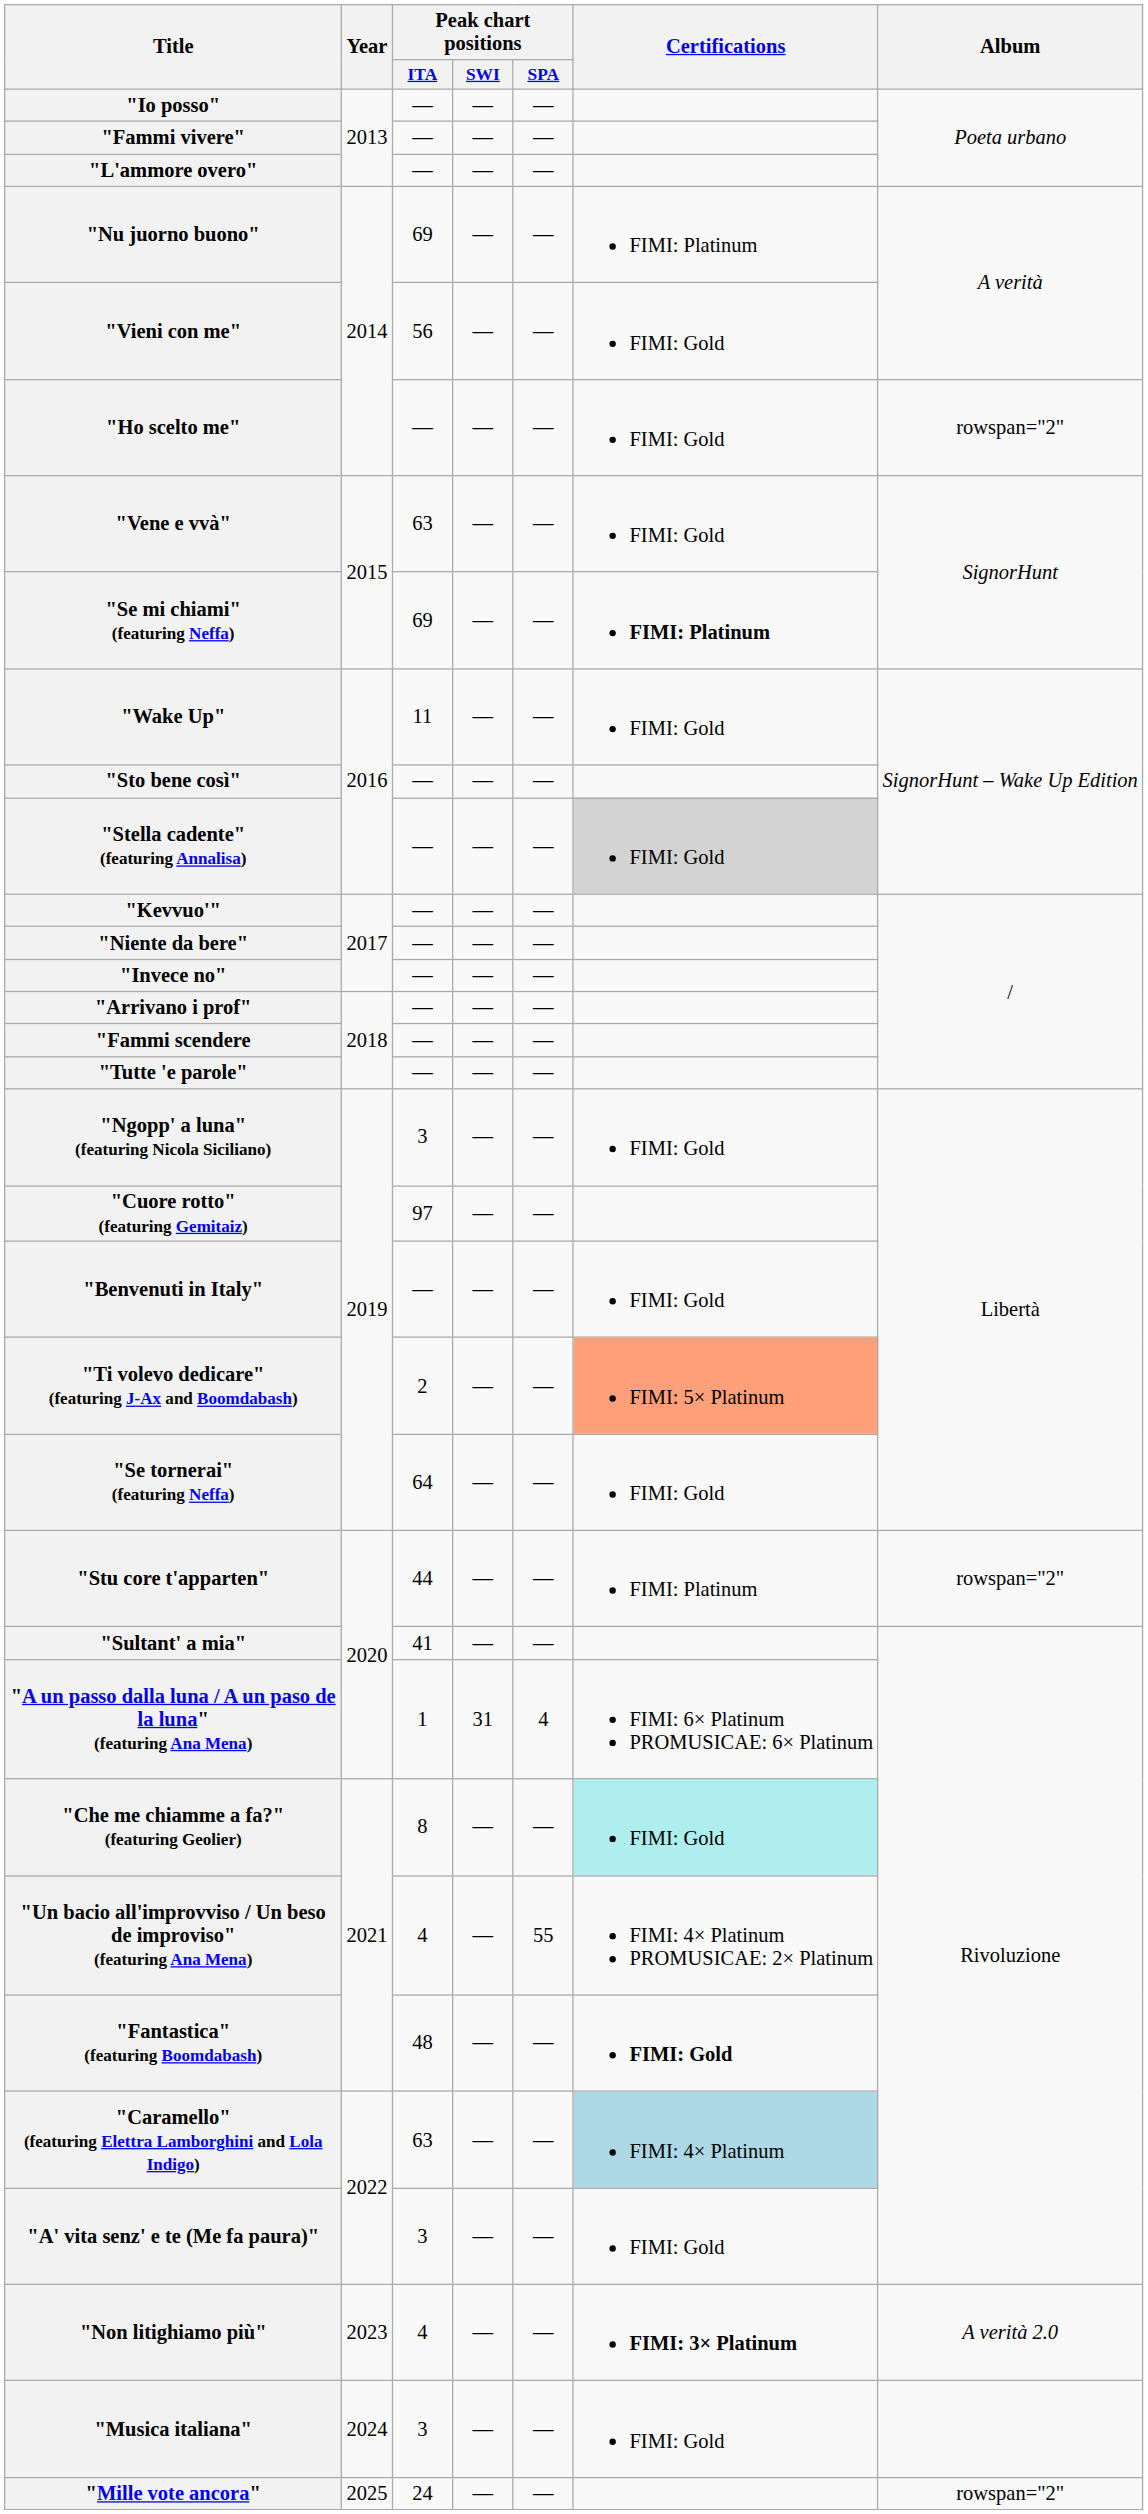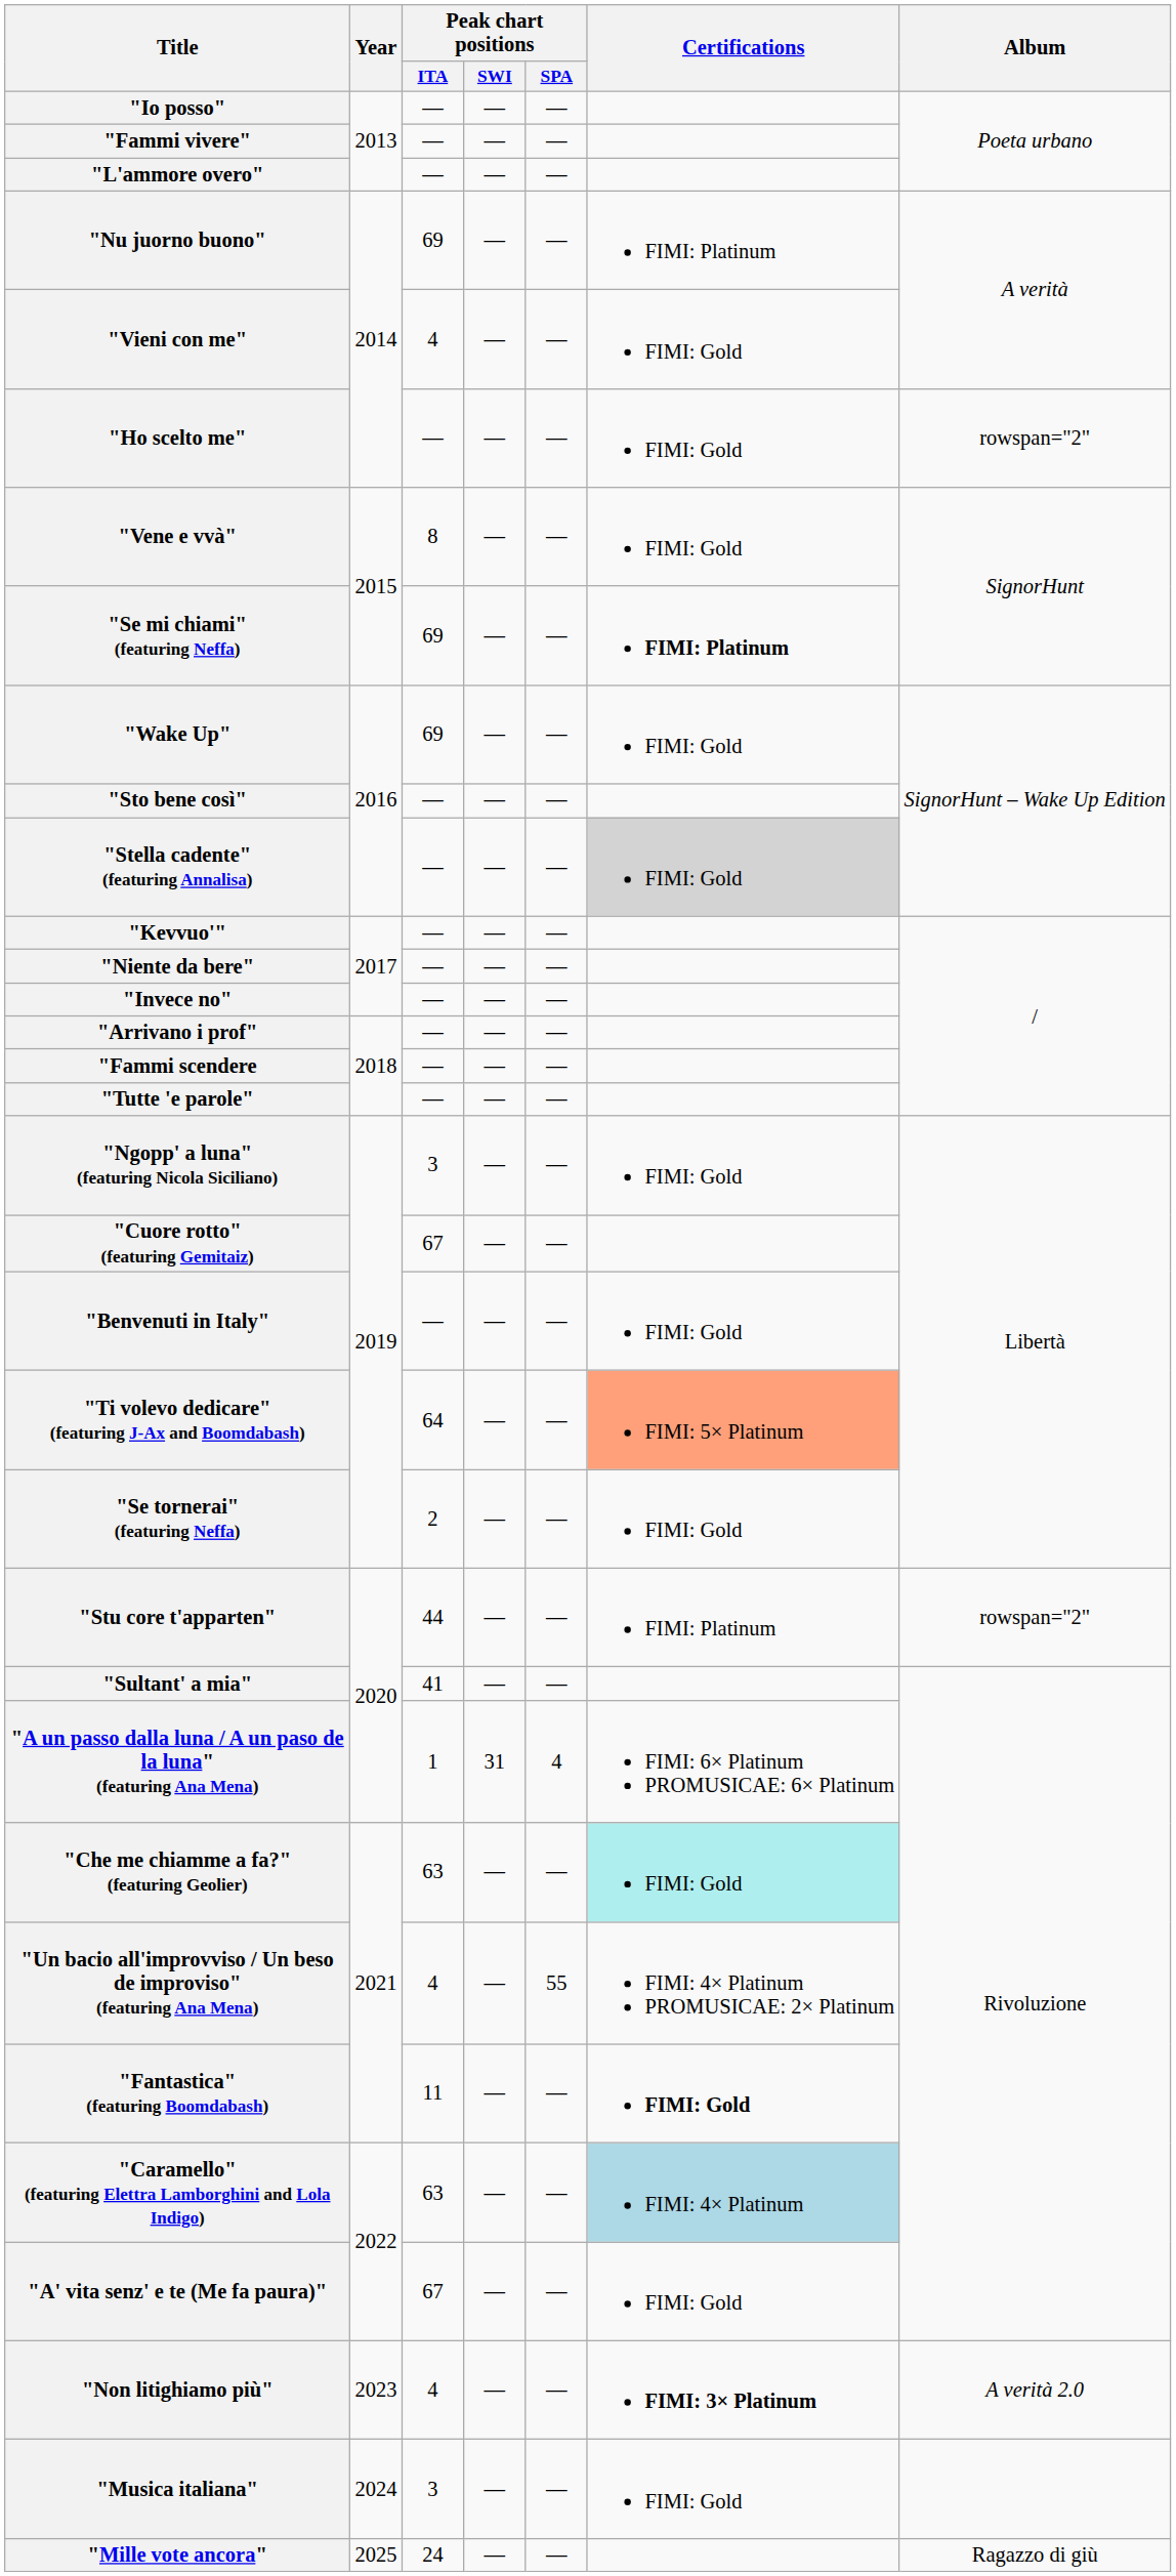 <table class="wikitable plainrowheaders" style="text-align:center;">
 <tr>
 <th scope="col" rowspan="2" style="width:16em;">Title</th>
 <th scope="col" rowspan="2" style="width:1em;">Year</th>
 <th scope="col" colspan="3">Peak chart positions</th>
 <th scope="col" rowspan="2"><a href='#'>Certifications</a></th>
 <th scope="col" rowspan="2">Album</th>
 </tr>
 <tr>
 <th scope="col" style="width:3em;font-size:85%;"><a href='#'>ITA</a><br></th>
 <th scope="col" style="width:3em;font-size:85%;"><a href='#'>SWI</a><br></th>
 <th scope="col" style="width:3em;font-size:85%;"><a href='#'>SPA</a><br></th>
 </tr>
 <tr>
 <th scope="row">"Io posso"</th>
 <td rowspan="3">2013</td>
 <td>—</td>
 <td>—</td>
 <td>—</td>
 <td align="left"></td>
 <td rowspan="3"><em>Poeta urbano</em></td>
 </tr>
 <tr>
 <th scope="row">"Fammi vivere"</th>
 <td>—</td>
 <td>—</td>
 <td>—</td>
 <td align="left"></td>
 </tr>
 <tr>
 <th scope="row">"L'ammore overo"</th>
 <td>—</td>
 <td>—</td>
 <td>—</td>
 <td align="left"></td>
 </tr>
 <tr>
 <th scope="row">"Nu juorno buono"</th>
 <td rowspan="3">2014</td>
 <td>69</td>
 <td>—</td>
 <td>—</td>
 <td align="left"><br><ul><li>FIMI: Platinum</li></ul></td>
 <td rowspan="2"><em>A verità</em></td>
 </tr>
 <tr>
 <th scope="row">"Vieni con me"</th>
-<td>56</td>
+<td>4</td>
 <td>—</td>
 <td>—</td>
 <td align="left"><br><ul><li>FIMI: Gold</li></ul></td>
 </tr>
 <tr>
 <th scope="row">"Ho scelto me"</th>
 <td>—</td>
 <td>—</td>
 <td>—</td>
 <td align="left"><br><ul><li>FIMI: Gold</li></ul></td>
 <td>rowspan="2" </td>
 </tr>
 <tr>
 <th scope="row">"Vene e vvà"</th>
 <td rowspan="2">2015</td>
-<td>63</td>
+<td>8</td>
 <td>—</td>
 <td>—</td>
 <td align="left"><br><ul><li>FIMI: Gold</li></ul></td>
 <td rowspan="2"><em>SignorHunt</em></td>
 </tr>
 <tr>
 <th scope="row">"Se mi chiami" <br><small>(featuring <a href='#'>Neffa</a>)</small></th>
 <td>69</td>
 <td>—</td>
 <td>—</td>
 <td align="left"><strong><br><ul><li>FIMI: Platinum</li></ul></strong></td>
 </tr>
 <tr>
 <th scope="row">"Wake Up"</th>
 <td rowspan="3">2016</td>
-<td>11</td>
+<td>69</td>
 <td>—</td>
 <td>—</td>
 <td align="left"><br><ul><li>FIMI: Gold</li></ul></td>
 <td rowspan="3"><em>SignorHunt – Wake Up Edition</em></td>
 </tr>
 <tr>
 <th scope="row">"Sto bene così"</th>
 <td>—</td>
 <td>—</td>
 <td>—</td>
 <td align="left"></td>
 </tr>
 <tr>
 <th scope="row">"Stella cadente"<br><small>(featuring <a href='#'>Annalisa</a>)</small></th>
 <td>—</td>
 <td>—</td>
 <td>—</td>
 <td align="left" style="background: lightgrey;"><br><ul><li>FIMI: Gold</li></ul></td>
 </tr>
 <tr>
 <th scope="row">"Kevvuo'"</th>
 <td rowspan="3">2017</td>
 <td>—</td>
 <td>—</td>
 <td>—</td>
 <td align="left"></td>
 <td rowspan="6">/</td>
 </tr>
 <tr>
 <th scope="row">"Niente da bere"</th>
 <td>—</td>
 <td>—</td>
 <td>—</td>
 <td align="left"></td>
 </tr>
 <tr>
 <th scope="row">"Invece no"</th>
 <td>—</td>
 <td>—</td>
 <td>—</td>
 <td align="left"></td>
 </tr>
 <tr>
 <th scope="row">"Arrivano i prof"</th>
 <td rowspan="3">2018</td>
 <td>—</td>
 <td>—</td>
 <td>—</td>
 <td align="left"></td>
 </tr>
 <tr>
 <th scope="row">"Fammi scendere<em></th>
 <td>—</td>
 <td>—</td>
 <td>—</td>
 <td align="left"></td>
 </tr>
 <tr>
 <th scope="row">"Tutte 'e parole"</th>
 <td>—</td>
 <td>—</td>
 <td>—</td>
 <td align="left"></td>
 </tr>
 <tr>
 <th scope="row">"Ngopp' a luna"<br><small>(featuring Nicola Siciliano)</small></th>
 <td rowspan="5">2019</td>
 <td>3</td>
 <td>—</td>
 <td>—</td>
 <td align="left"><br><ul><li>FIMI: Gold</li></ul></td>
 <td rowspan="5"></em>Libertà<em></td>
 </tr>
 <tr>
 <th scope="row">"Cuore rotto"<br><small>(featuring <a href='#'>Gemitaiz</a>)</small></th>
-<td>97</td>
+<td>67</td>
 <td>—</td>
 <td>—</td>
 <td align="left"></td>
 </tr>
 <tr>
 <th scope="row">"Benvenuti in Italy"</th>
 <td>—</td>
 <td>—</td>
 <td>—</td>
 <td align="left"><br><ul><li>FIMI: Gold</li></ul></td>
 </tr>
 <tr>
 <th scope="row">"Ti volevo dedicare"<br><small>(featuring <a href='#'>J-Ax</a> and <a href='#'>Boomdabash</a>)</small></th>
-<td>2</td>
+<td>64</td>
 <td>—</td>
 <td>—</td>
 <td align="left" style="background: lightsalmon;"><br><ul><li>FIMI: 5× Platinum</li></ul></td>
 </tr>
 <tr>
 <th scope="row">"Se tornerai"<br><small>(featuring <a href='#'>Neffa</a>)</small></th>
-<td>64</td>
+<td>2</td>
 <td>—</td>
 <td>—</td>
 <td align="left"><br><ul><li>FIMI: Gold</li></ul></td>
 </tr>
 <tr>
 <th scope="row">"Stu core t'apparten"</th>
 <td rowspan="3">2020</td>
 <td>44</td>
 <td>—</td>
 <td>—</td>
 <td align="left"><br><ul><li>FIMI: Platinum</li></ul></td>
 <td>rowspan="2" </td>
 </tr>
 <tr>
 <th scope="row">"Sultant' a mia"</th>
 <td>41</td>
 <td>—</td>
 <td>—</td>
 <td align="left"></td>
 <td rowspan="7"></em>Rivoluzione<em></td>
 </tr>
 <tr>
 <th scope="row">"<a href='#'>A un passo dalla luna / A un paso de la luna</a>"<br><small>(featuring <a href='#'>Ana Mena</a>)</small></th>
 <td>1</td>
 <td>31</td>
 <td>4</td>
 <td align="left"><br><ul><li>FIMI: 6× Platinum</li><li>PROMUSICAE: 6× Platinum</li></ul></td>
 </tr>
 <tr>
 <th scope="row">"Che me chiamme a fa?"<br><small>(featuring Geolier)</small></th>
 <td rowspan="3">2021</td>
-<td>8</td>
+<td>63</td>
 <td>—</td>
 <td>—</td>
 <td align="left" style="background: paleturquoise;"><br><ul><li>FIMI: Gold</li></ul></td>
 </tr>
 <tr>
 <th scope="row">"Un bacio all'improvviso / Un beso de improviso"<br><small>(featuring <a href='#'>Ana Mena</a>)</small></th>
 <td>4</td>
 <td>—</td>
 <td>55</td>
 <td align="left"><br><ul><li>FIMI: 4× Platinum</li><li>PROMUSICAE: 2× Platinum</li></ul></td>
 </tr>
 <tr>
 <th scope="row">"Fantastica" <br><small>(featuring <a href='#'>Boomdabash</a>)</small></th>
-<td>48</td>
+<td>11</td>
 <td>—</td>
 <td>—</td>
 <td align="left"><strong><br><ul><li>FIMI: Gold</li></ul></strong></td>
 </tr>
 <tr>
 <th scope="row">"Caramello" <br><small>(featuring <a href='#'>Elettra Lamborghini</a> and <a href='#'>Lola Indigo</a>)</small></th>
 <td rowspan="2">2022</td>
 <td>63</td>
 <td>—</td>
 <td>—</td>
 <td align="left" style="background: lightblue;"><br><ul><li>FIMI: 4× Platinum</li></ul></td>
 </tr>
 <tr>
 <th scope="row">"A' vita senz' e te (Me fa paura)"</th>
-<td>3</td>
+<td>67</td>
 <td>—</td>
 <td>—</td>
 <td align="left"><br><ul><li>FIMI: Gold</li></ul></td>
 </tr>
 <tr>
 <th scope="row">"Non litighiamo più"</th>
 <td>2023</td>
 <td>4</td>
 <td>—</td>
 <td>—</td>
 <td align="left"><strong><br><ul><li>FIMI: 3× Platinum</li></ul></strong></td>
 <td><em>A verità 2.0</em></td>
 </tr>
 <tr>
 <th scope="row">"Musica italiana"</th>
 <td>2024</td>
 <td>3</td>
 <td>—</td>
 <td>—</td>
 <td align="left"><br><ul><li>FIMI: Gold</li></ul></td>
 </tr>
 <tr>
 <th scope="row">"<a href='#'>Mille vote ancora</a>"</th>
 <td>2025</td>
 <td>24<br></td>
 <td>—</td>
 <td>—</td>
 <td align="left"></td>
-<td>rowspan="2" </td>
+<td></em>Ragazzo di giù<em></td>
 </tr>
 </table>
